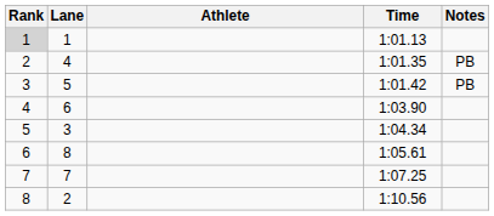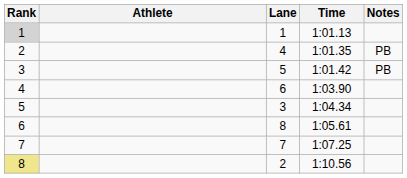 <table class="wikitable" style="text-align:center">
 <tr>
 <th>Rank</th>
+<th width=300>Athlete</th>
 <th>Lane</th>
-<th width=300>Athlete</th>
 <th width=80>Time</th>
 <th>Notes</th>
 </tr>
 <tr>
 <td style="background: lightgrey;">1</td>
+<td align=left></td>
 <td>1</td>
-<td align=left></td>
 <td>1:01.13</td>
 <td></td>
 </tr>
 <tr>
 <td>2</td>
+<td align=left></td>
 <td>4</td>
-<td align=left></td>
 <td>1:01.35</td>
 <td>PB</td>
 </tr>
 <tr>
 <td>3</td>
+<td align=left></td>
 <td>5</td>
-<td align=left></td>
 <td>1:01.42</td>
 <td>PB</td>
 </tr>
 <tr>
 <td>4</td>
+<td align=left></td>
 <td>6</td>
-<td align=left></td>
 <td>1:03.90</td>
 <td></td>
 </tr>
 <tr>
 <td>5</td>
+<td align=left></td>
 <td>3</td>
-<td align=left></td>
 <td>1:04.34</td>
 <td></td>
 </tr>
 <tr>
 <td>6</td>
+<td align=left></td>
 <td>8</td>
-<td align=left></td>
 <td>1:05.61</td>
 <td></td>
 </tr>
 <tr>
 <td>7</td>
+<td align=left></td>
 <td>7</td>
-<td align=left></td>
 <td>1:07.25</td>
 <td></td>
 </tr>
 <tr>
-<td>8</td>
+<td style="background: khaki;">8</td>
+<td align=left></td>
 <td>2</td>
-<td align=left></td>
 <td>1:10.56</td>
 <td></td>
 </tr>
 </table>
